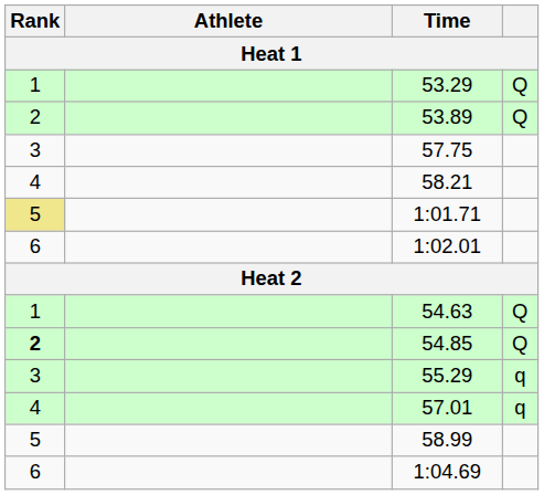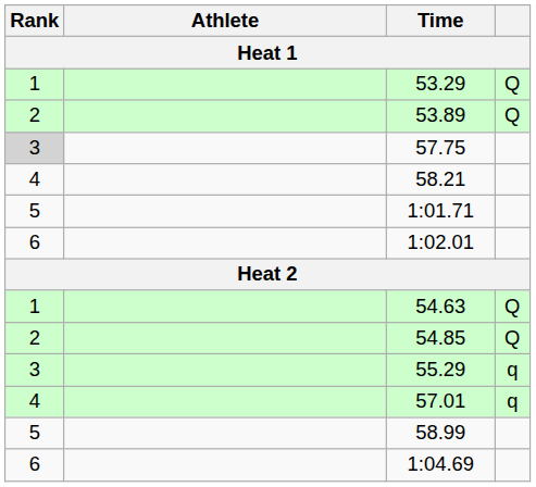 <table class=wikitable style="text-align:center">
 <tr>
 <th width=40>Rank</th>
 <th width=250>Athlete</th>
 <th width=80>Time</th>
 <th width=20></th>
 </tr>
 <tr>
 <th colspan=4>Heat 1</th>
 </tr>
 <tr bgcolor="ccffcc">
 <td>1</td>
 <td align=left></td>
 <td>53.29</td>
 <td>Q</td>
 </tr>
 <tr bgcolor="ccffcc">
 <td>2</td>
 <td align=left></td>
 <td>53.89</td>
 <td>Q</td>
 </tr>
 <tr>
-<td>3</td>
+<td style="background: lightgrey;">3</td>
 <td align=left></td>
 <td>57.75</td>
 <td></td>
 </tr>
 <tr>
 <td>4</td>
 <td align=left></td>
 <td>58.21</td>
 <td></td>
 </tr>
 <tr>
-<td style="background: khaki;">5</td>
+<td>5</td>
 <td align=left></td>
 <td>1:01.71</td>
 <td></td>
 </tr>
 <tr>
 <td>6</td>
 <td align=left></td>
 <td>1:02.01</td>
 <td></td>
 </tr>
 <tr>
 <th colspan=4>Heat 2</th>
 </tr>
 <tr bgcolor="ccffcc">
 <td>1</td>
 <td align=left></td>
 <td>54.63</td>
 <td>Q</td>
 </tr>
 <tr bgcolor="ccffcc">
-<td><strong>2</strong></td>
+<td>2</td>
 <td align=left></td>
 <td>54.85</td>
 <td>Q</td>
 </tr>
 <tr bgcolor="ccffcc">
 <td>3</td>
 <td align=left></td>
 <td>55.29</td>
 <td>q</td>
 </tr>
 <tr bgcolor="ccffcc">
 <td>4</td>
 <td align=left></td>
 <td>57.01</td>
 <td>q</td>
 </tr>
 <tr>
 <td>5</td>
 <td align=left></td>
 <td>58.99</td>
 <td></td>
 </tr>
 <tr>
 <td>6</td>
 <td align=left></td>
 <td>1:04.69</td>
 <td></td>
 </tr>
 </table>
